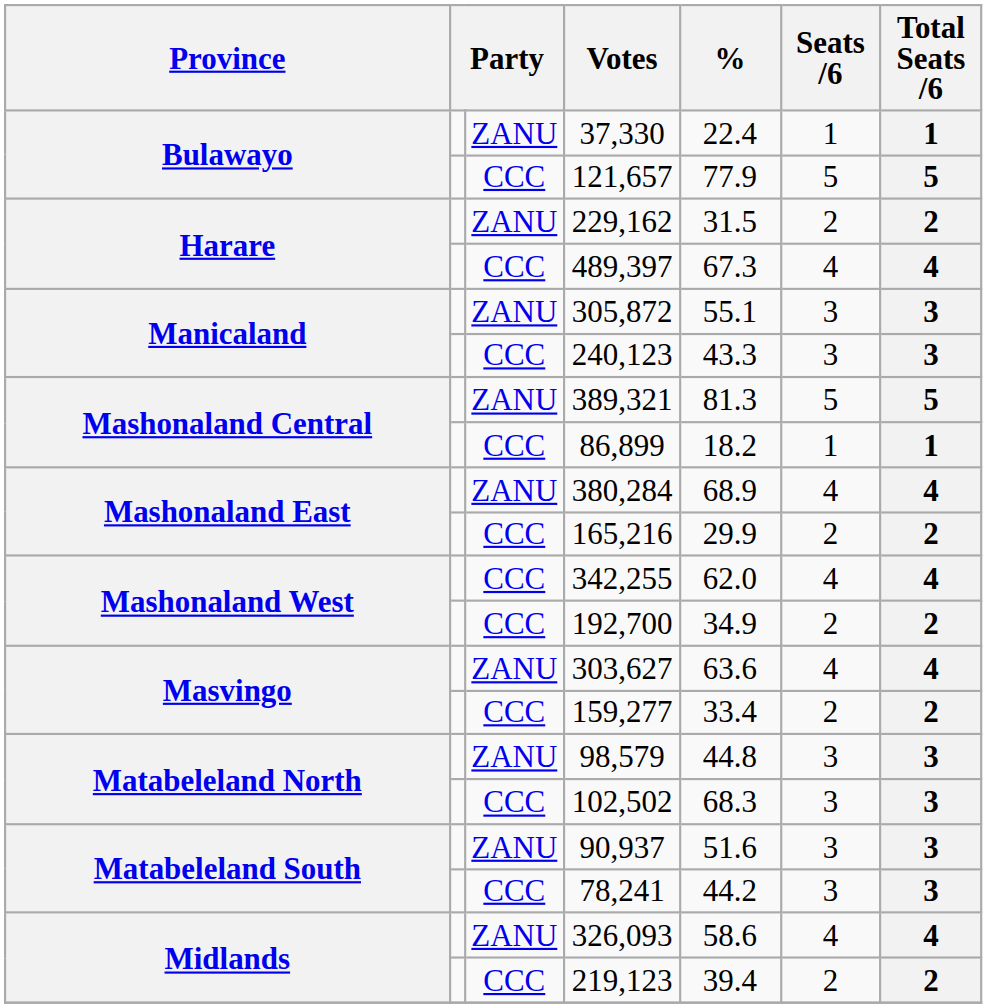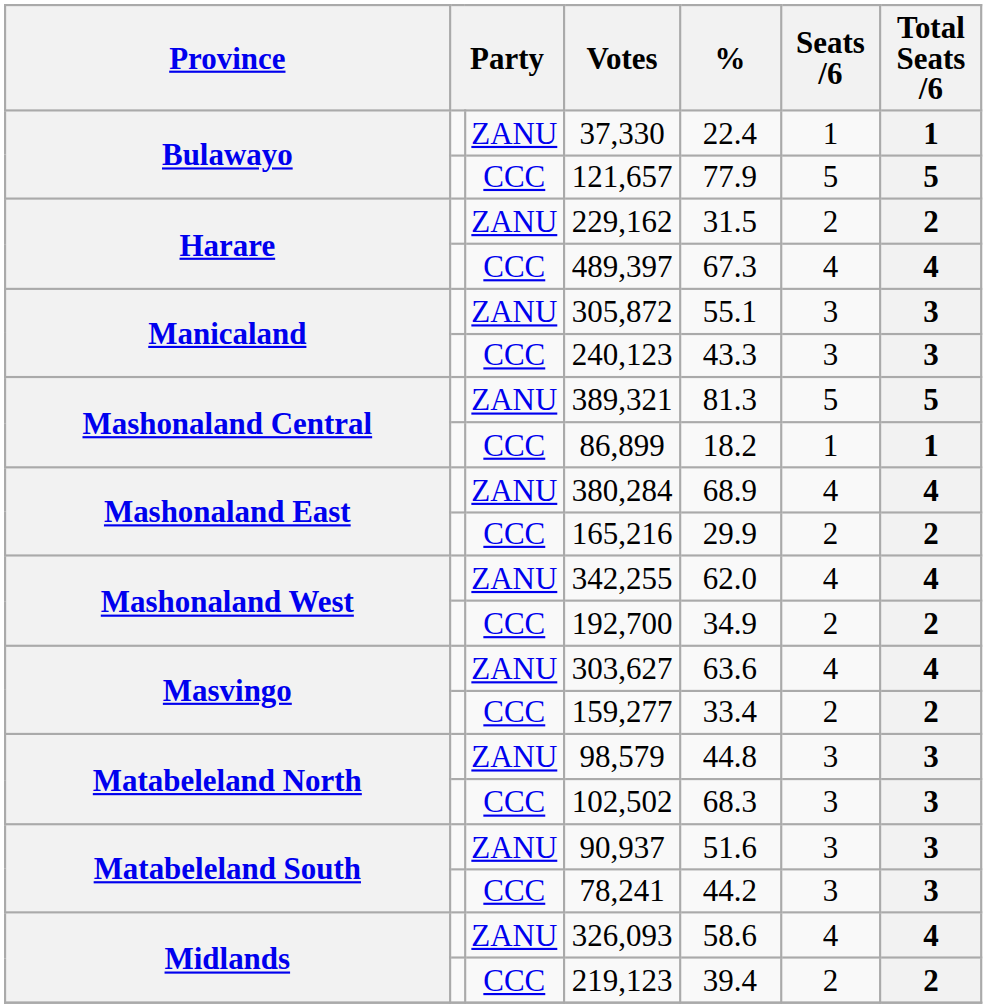 <table class="wikitable sortable sort-under" style="text-align:center;font-size:90%;line-height:14px">
 <tr style="height:40px;">
 <th style="width:200px;"><a href='#'>Province</a></th>
 <th style="width:40px;" colspan="2">Party</th>
 <th style="width:40px;">Votes</th>
 <th style="width:40px;">%</th>
 <th style="width:40px;">Seats<br>/6</th>
 <th style="width:40px;">Total Seats<br>/6</th>
 </tr>
 <tr>
 <th rowspan="2"><a href='#'>Bulawayo</a></th>
 <td style="text-align:center;" style="background:"></td>
 <td style="text-align:center;"><a href='#'>ZANU</a></td>
 <td>37,330</td>
 <td>22.4</td>
 <td>1</td>
 <th>1</th>
 </tr>
 <tr>
 <td style="background:"></td>
 <td><a href='#'>CCC</a></td>
 <td>121,657</td>
 <td>77.9</td>
 <td>5</td>
 <th>5</th>
 </tr>
 <tr>
 <th rowspan="2"><a href='#'>Harare</a></th>
 <td style="text-align:center;" style="background:"></td>
 <td style="text-align:center;"><a href='#'>ZANU</a></td>
 <td>229,162</td>
 <td>31.5</td>
 <td>2</td>
 <th>2</th>
 </tr>
 <tr>
 <td style="background:"></td>
 <td><a href='#'>CCC</a></td>
 <td>489,397</td>
 <td>67.3</td>
 <td>4</td>
 <th>4</th>
 </tr>
 <tr>
 <th rowspan="2"><a href='#'>Manicaland</a></th>
 <td style="text-align:center;" style="background:"></td>
 <td style="text-align:center;"><a href='#'>ZANU</a></td>
 <td>305,872</td>
 <td>55.1</td>
 <td>3</td>
 <th>3</th>
 </tr>
 <tr>
 <td style="background:"></td>
 <td><a href='#'>CCC</a></td>
 <td>240,123</td>
 <td>43.3</td>
 <td>3</td>
 <th>3</th>
 </tr>
 <tr>
 <th rowspan="2"><a href='#'>Mashonaland Central</a></th>
 <td style="text-align:center;" style="background:"></td>
 <td style="text-align:center;"><a href='#'>ZANU</a></td>
 <td>389,321</td>
 <td>81.3</td>
 <td>5</td>
 <th>5</th>
 </tr>
 <tr>
 <td style="background:"></td>
 <td><a href='#'>CCC</a></td>
 <td>86,899</td>
 <td>18.2</td>
 <td>1</td>
 <th>1</th>
 </tr>
 <tr>
 <th rowspan="2"><a href='#'>Mashonaland East</a></th>
 <td style="text-align:center;" style="background:"></td>
 <td style="text-align:center;"><a href='#'>ZANU</a></td>
 <td>380,284</td>
 <td>68.9</td>
 <td>4</td>
 <th>4</th>
 </tr>
 <tr>
 <td style="background:"></td>
 <td><a href='#'>CCC</a></td>
 <td>165,216</td>
 <td>29.9</td>
 <td>2</td>
 <th>2</th>
 </tr>
 <tr>
 <th rowspan="2"><a href='#'>Mashonaland West</a></th>
 <td style="text-align:center;" style="background:"></td>
-<td><a href='#'>CCC</a></td>
+<td style="text-align:center;"><a href='#'>ZANU</a></td>
 <td>342,255</td>
 <td>62.0</td>
 <td>4</td>
 <th>4</th>
 </tr>
 <tr>
 <td style="background:"></td>
 <td><a href='#'>CCC</a></td>
 <td>192,700</td>
 <td>34.9</td>
 <td>2</td>
 <th>2</th>
 </tr>
 <tr>
 <th rowspan="2"><a href='#'>Masvingo</a></th>
 <td style="text-align:center;" style="background:"></td>
 <td style="text-align:center;"><a href='#'>ZANU</a></td>
 <td>303,627</td>
 <td>63.6</td>
 <td>4</td>
 <th>4</th>
 </tr>
 <tr>
 <td style="background:"></td>
 <td><a href='#'>CCC</a></td>
 <td>159,277</td>
 <td>33.4</td>
 <td>2</td>
 <th>2</th>
 </tr>
 <tr>
 <th rowspan="2"><a href='#'>Matabeleland North</a></th>
 <td style="text-align:center;" style="background:"></td>
 <td style="text-align:center;"><a href='#'>ZANU</a></td>
 <td>98,579</td>
 <td>44.8</td>
 <td>3</td>
 <th>3</th>
 </tr>
 <tr>
 <td style="background:"></td>
 <td><a href='#'>CCC</a></td>
 <td>102,502</td>
 <td>68.3</td>
 <td>3</td>
 <th>3</th>
 </tr>
 <tr>
 <th rowspan="2"><a href='#'>Matabeleland South</a></th>
 <td style="text-align:center;" style="background:"></td>
 <td style="text-align:center;"><a href='#'>ZANU</a></td>
 <td>90,937</td>
 <td>51.6</td>
 <td>3</td>
 <th>3</th>
 </tr>
 <tr>
 <td style="background:"></td>
 <td><a href='#'>CCC</a></td>
 <td>78,241</td>
 <td>44.2</td>
 <td>3</td>
 <th>3</th>
 </tr>
 <tr>
 <th rowspan="2"><a href='#'>Midlands</a></th>
 <td style="text-align:center;" style="background:"></td>
 <td style="text-align:center;"><a href='#'>ZANU</a></td>
 <td>326,093</td>
 <td>58.6</td>
 <td>4</td>
 <th>4</th>
 </tr>
 <tr>
 <td style="background:"></td>
 <td><a href='#'>CCC</a></td>
 <td>219,123</td>
 <td>39.4</td>
 <td>2</td>
 <th>2</th>
 </tr>
 <tr>
 </tr>
 </table>
